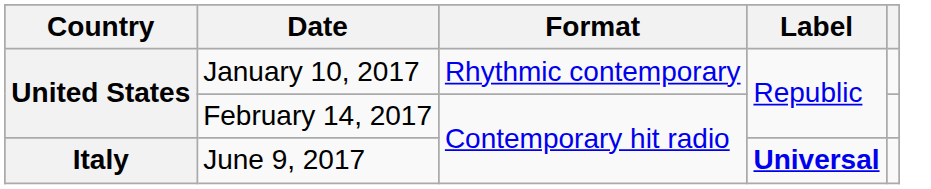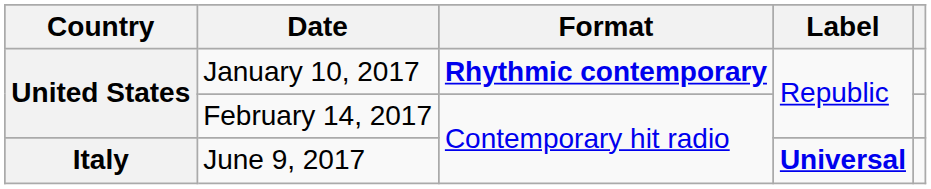 <table class="wikitable plainrowheaders">
 <tr>
 <th scope="col">Country</th>
 <th scope="col">Date</th>
 <th scope="col">Format</th>
 <th scope="col">Label</th>
 <th scope="col"></th>
 </tr>
 <tr>
 <th scope="row" rowspan="2">United States</th>
 <td>January 10, 2017</td>
-<td><a href='#'>Rhythmic contemporary</a></td>
+<td><strong><a href='#'>Rhythmic contemporary</a></strong></td>
 <td rowspan="2"><a href='#'>Republic</a></td>
 <td align="center"></td>
 </tr>
 <tr>
 <td>February 14, 2017</td>
 <td rowspan="2"><a href='#'>Contemporary hit radio</a></td>
 <td align="center"></td>
 </tr>
 <tr>
 <th scope="row">Italy</th>
 <td>June 9, 2017</td>
 <td><strong><a href='#'>Universal</a></strong></td>
 <td align="center"></td>
 </tr>
 </table>
